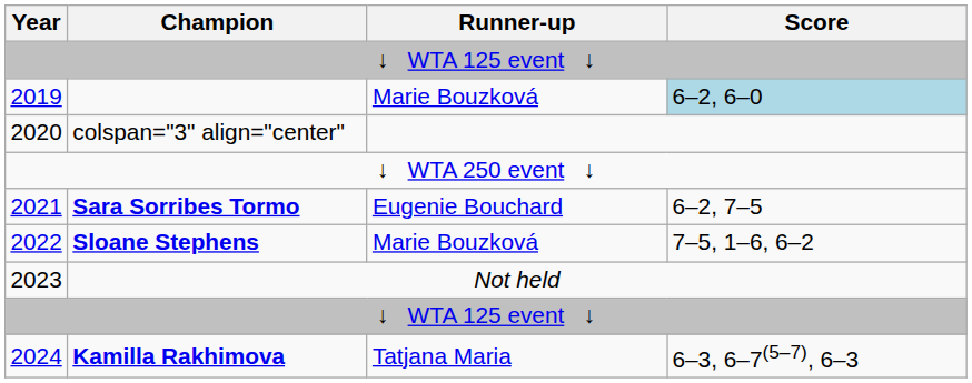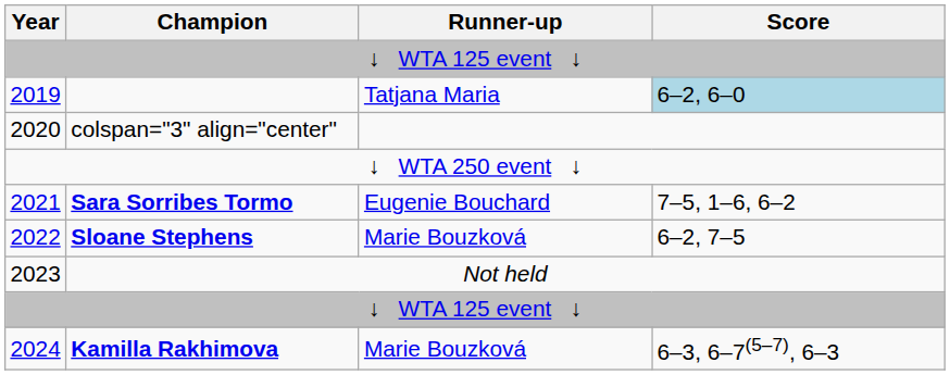 <table class="wikitable">
 <tr>
 <th>Year</th>
 <th width="200">Champion</th>
 <th width="200">Runner-up</th>
 <th width="200">Score</th>
 </tr>
 <tr>
 <td colspan="4" align="center" bgcolor=silver>↓   <a href='#'>WTA 125 event</a>   ↓</td>
 </tr>
 <tr>
 <td><a href='#'>2019</a></td>
 <td></td>
-<td> <a href='#'>Marie Bouzková</a></td>
+<td> <a href='#'>Tatjana Maria</a></td>
 <td style="background: lightblue;">6–2, 6–0</td>
 </tr>
 <tr>
 <td>2020</td>
 <td>colspan="3" align="center" </td>
 </tr>
 <tr>
 <td colspan="4" align="center">↓   <a href='#'>WTA 250 event</a>   ↓</td>
 </tr>
 <tr>
 <td><a href='#'>2021</a></td>
 <td> <strong><a href='#'>Sara Sorribes Tormo</a></strong></td>
 <td> <a href='#'>Eugenie Bouchard</a></td>
-<td>6–2, 7–5</td>
+<td>7–5, 1–6, 6–2</td>
 </tr>
 <tr>
 <td><a href='#'>2022</a></td>
 <td> <strong><a href='#'>Sloane Stephens</a></strong></td>
 <td> <a href='#'>Marie Bouzková</a></td>
-<td>7–5, 1–6, 6–2</td>
+<td>6–2, 7–5</td>
 </tr>
 <tr>
 <td>2023</td>
 <td colspan="3" align="center"><em>Not held</em></td>
 </tr>
 <tr>
 <td colspan="4" align="center" bgcolor=silver>↓   <a href='#'>WTA 125 event</a>   ↓</td>
 </tr>
 <tr>
 <td><a href='#'>2024</a></td>
 <td> <strong><a href='#'>Kamilla Rakhimova</a></strong></td>
-<td> <a href='#'>Tatjana Maria</a></td>
+<td> <a href='#'>Marie Bouzková</a></td>
 <td>6–3, 6–7<sup>(5–7)</sup>, 6–3</td>
 </tr>
 </table>
